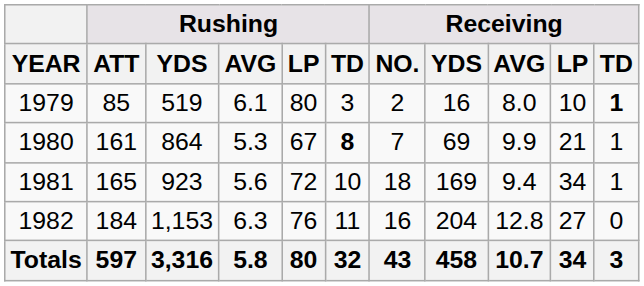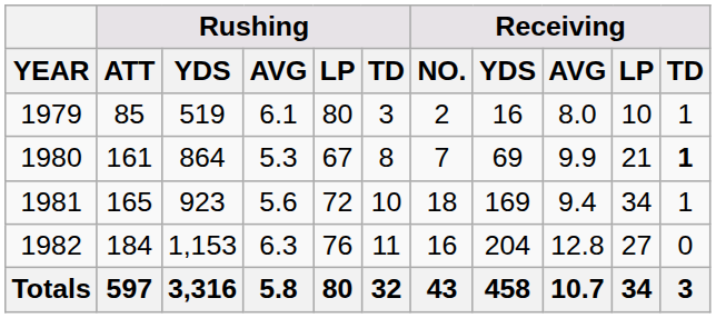 <table class=wikitable style="text-align:center">
 <tr>
 <th></th>
 <th colspan="5" style="background:#e7e3e7;">Rushing</th>
 <th colspan="5" style="background:#e7e3e7;">Receiving</th>
 </tr>
 <tr>
 <th>YEAR</th>
 <th>ATT</th>
 <th>YDS</th>
 <th>AVG</th>
 <th>LP</th>
 <th>TD</th>
 <th>NO.</th>
 <th>YDS</th>
 <th>AVG</th>
 <th>LP</th>
 <th>TD</th>
 </tr>
 <tr>
 <td>1979</td>
 <td>85</td>
 <td>519</td>
 <td>6.1</td>
 <td>80</td>
 <td>3</td>
 <td>2</td>
 <td>16</td>
 <td>8.0</td>
 <td>10</td>
-<td><strong>1</strong></td>
+<td>1</td>
 </tr>
 <tr>
 <td>1980</td>
 <td>161</td>
 <td>864</td>
 <td>5.3</td>
 <td>67</td>
-<td><strong>8</strong></td>
+<td>8</td>
 <td>7</td>
 <td>69</td>
 <td>9.9</td>
 <td>21</td>
-<td>1</td>
+<td><strong>1</strong></td>
 </tr>
 <tr>
 <td>1981</td>
 <td>165</td>
 <td>923</td>
 <td>5.6</td>
 <td>72</td>
 <td>10</td>
 <td>18</td>
 <td>169</td>
 <td>9.4</td>
 <td>34</td>
 <td>1</td>
 </tr>
 <tr>
 <td>1982</td>
 <td>184</td>
 <td>1,153</td>
 <td>6.3</td>
 <td>76</td>
 <td>11</td>
 <td>16</td>
 <td>204</td>
 <td>12.8</td>
 <td>27</td>
 <td>0</td>
 </tr>
 <tr>
 <th>Totals</th>
 <th>597</th>
 <th>3,316</th>
 <th>5.8</th>
 <th>80</th>
 <th>32</th>
 <th>43</th>
 <th>458</th>
 <th>10.7</th>
 <th>34</th>
 <th>3</th>
 </tr>
 </table>
